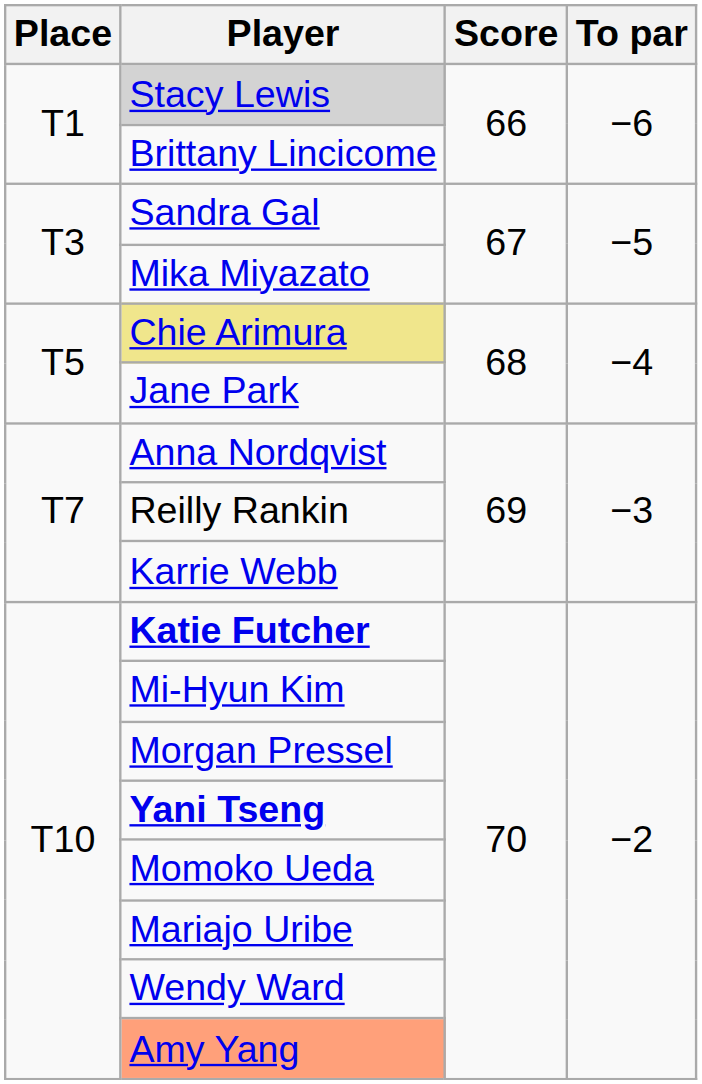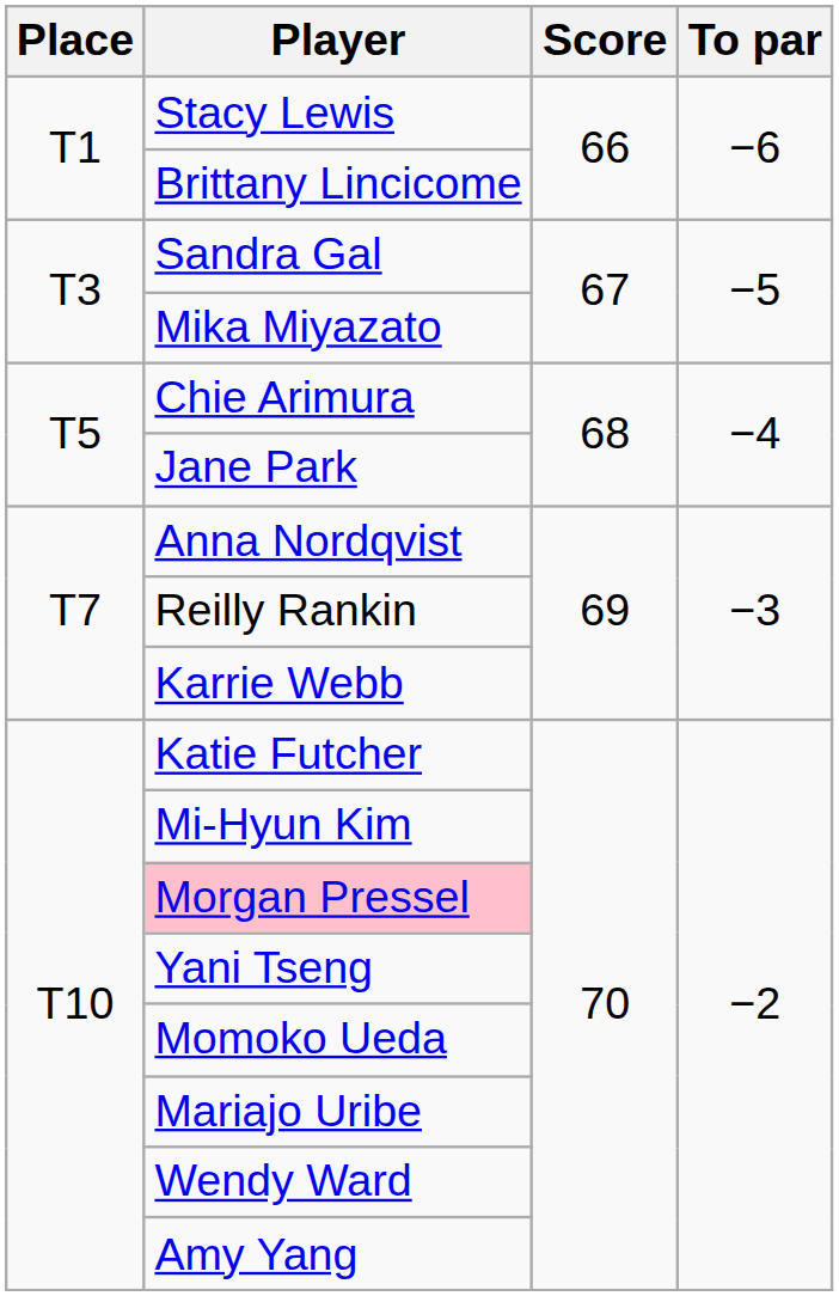 <table class="wikitable">
 <tr>
 <th>Place</th>
 <th>Player</th>
 <th>Score</th>
 <th>To par</th>
 </tr>
 <tr>
 <td rowspan=2 align=center>T1</td>
-<td style="background: lightgrey;"> <a href='#'>Stacy Lewis</a></td>
+<td> <a href='#'>Stacy Lewis</a></td>
 <td rowspan=2 align=center>66</td>
 <td rowspan=2 align=center>−6</td>
 </tr>
 <tr>
 <td> <a href='#'>Brittany Lincicome</a></td>
 </tr>
 <tr>
 <td rowspan=2 align=center>T3</td>
 <td> <a href='#'>Sandra Gal</a></td>
 <td align=center rowspan=2>67</td>
 <td align=center rowspan=2>−5</td>
 </tr>
 <tr>
 <td> <a href='#'>Mika Miyazato</a></td>
 </tr>
 <tr>
 <td rowspan=2 align=center>T5</td>
-<td style="background: khaki;"> <a href='#'>Chie Arimura</a></td>
+<td> <a href='#'>Chie Arimura</a></td>
 <td align=center rowspan=2>68</td>
 <td align=center rowspan=2>−4</td>
 </tr>
 <tr>
 <td> <a href='#'>Jane Park</a></td>
 </tr>
 <tr>
 <td rowspan=3 align=center>T7</td>
 <td> <a href='#'>Anna Nordqvist</a></td>
 <td align=center rowspan=3>69</td>
 <td align=center rowspan=3>−3</td>
 </tr>
 <tr>
 <td> Reilly Rankin</td>
 </tr>
 <tr>
 <td> <a href='#'>Karrie Webb</a></td>
 </tr>
 <tr>
 <td rowspan=8 align=center>T10</td>
-<td><strong> <a href='#'>Katie Futcher</a></strong></td>
+<td> <a href='#'>Katie Futcher</a></td>
 <td align=center rowspan=8>70</td>
 <td align=center rowspan=8>−2</td>
 </tr>
 <tr>
 <td> <a href='#'>Mi-Hyun Kim</a></td>
 </tr>
 <tr>
-<td> <a href='#'>Morgan Pressel</a></td>
+<td style="background: pink;"> <a href='#'>Morgan Pressel</a></td>
 </tr>
 <tr>
-<td><strong> <a href='#'>Yani Tseng</a></strong></td>
+<td> <a href='#'>Yani Tseng</a></td>
 </tr>
 <tr>
 <td> <a href='#'>Momoko Ueda</a></td>
 </tr>
 <tr>
 <td> <a href='#'>Mariajo Uribe</a></td>
 </tr>
 <tr>
 <td> <a href='#'>Wendy Ward</a></td>
 </tr>
 <tr>
-<td style="background: lightsalmon;"> <a href='#'>Amy Yang</a></td>
+<td> <a href='#'>Amy Yang</a></td>
 </tr>
 </table>
